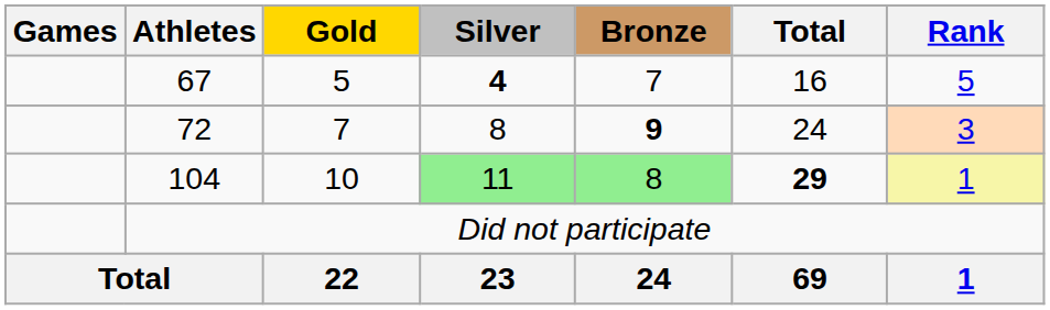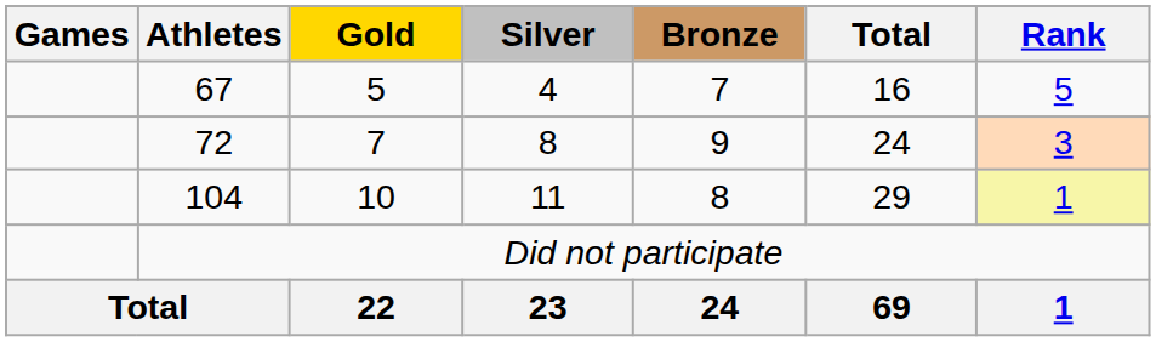 <table class="wikitable" style="text-align:center; font-size:90%;">
 <tr>
 <th>Games</th>
 <th>Athletes</th>
 <td style="background:gold; width:4.5em; font-weight:bold;">Gold</td>
 <td style="background:silver; width:4.5em; font-weight:bold;">Silver</td>
 <td style="background:#cc9966; width:4.5em; font-weight:bold;">Bronze</td>
 <th style="width:4.5em; font-weight:bold;">Total</th>
 <th style="width:4.5em; font-weight:bold;"><a href='#'>Rank</a></th>
 </tr>
 <tr>
 <td align=left></td>
 <td>67</td>
 <td>5</td>
-<td><strong>4</strong></td>
+<td>4</td>
 <td>7</td>
 <td>16</td>
 <td><a href='#'>5</a></td>
 </tr>
 <tr>
 <td align=left></td>
 <td>72</td>
 <td>7</td>
 <td>8</td>
-<td><strong>9</strong></td>
+<td>9</td>
 <td>24</td>
 <td style="background:#ffdab9;"><a href='#'>3</a></td>
 </tr>
 <tr>
 <td align=left></td>
 <td>104</td>
 <td>10</td>
-<td style="background: lightgreen;">11</td>
-<td style="background: lightgreen;">8</td>
-<td><strong>29</strong></td>
+<td>11</td>
+<td>8</td>
+<td>29</td>
 <td style="background:#f7f6a8;"><a href='#'>1</a></td>
 </tr>
 <tr>
 <td align=left></td>
 <td colspan=6><em>Did not participate</em></td>
 </tr>
 <tr>
 <th colspan=2>Total</th>
 <th>22</th>
 <th>23</th>
 <th>24</th>
 <th>69</th>
 <th><a href='#'>1</a></th>
 </tr>
 </table>
